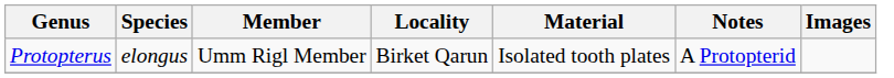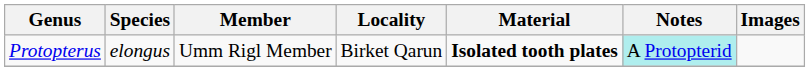 <table class="wikitable">
 <tr>
 <th>Genus</th>
 <th>Species</th>
 <th>Member</th>
 <th>Locality</th>
 <th>Material</th>
 <th>Notes</th>
 <th>Images</th>
 </tr>
 <tr>
 <td><em><a href='#'>Protopterus</a></em></td>
 <td><em>elongus</em></td>
 <td>Umm Rigl Member</td>
 <td>Birket Qarun</td>
-<td>Isolated tooth plates</td>
-<td>A <a href='#'>Protopterid</a></td>
+<td><strong>Isolated tooth plates</strong></td>
+<td style="background: paleturquoise;">A <a href='#'>Protopterid</a></td>
 <td></td>
 </tr>
 <tr>
 </tr>
 </table>
